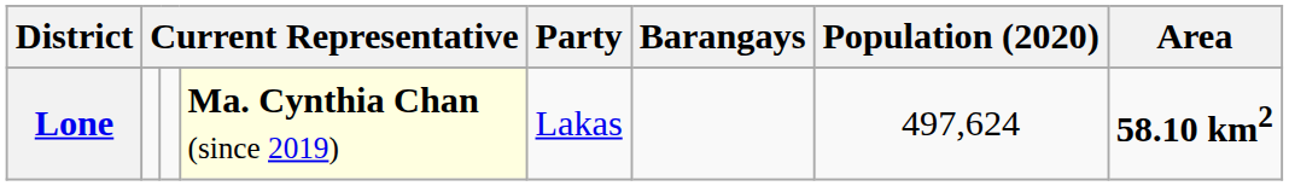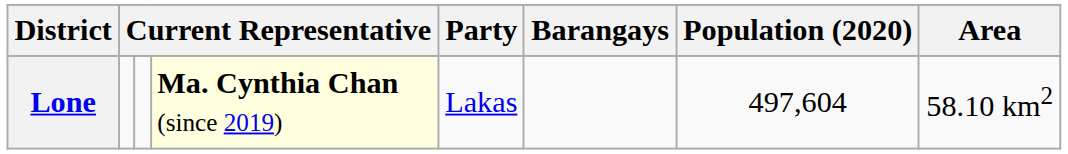 <table class="wikitable sortable" style="margin: 1em auto; font-size:100%; line-height:20px; text-align:center">
 <tr>
 <th>District</th>
 <th colspan="3">Current Representative</th>
 <th>Party</th>
 <th>Barangays</th>
 <th>Population (2020)</th>
 <th>Area</th>
 </tr>
 <tr>
 <th><a href='#'>Lone</a></th>
 <td style="background:"></td>
 <td></td>
 <td style="background: lightyellow; text-align:left;"><strong>Ma. Cynthia Chan</strong><br><small>(since <a href='#'>2019</a>)</small></td>
 <td><a href='#'>Lakas</a></td>
 <td></td>
-<td>497,624</td>
-<td><strong>58.10 km<sup>2</sup></strong></td>
+<td>497,604</td>
+<td>58.10 km<sup>2</sup></td>
 </tr>
 </table>
